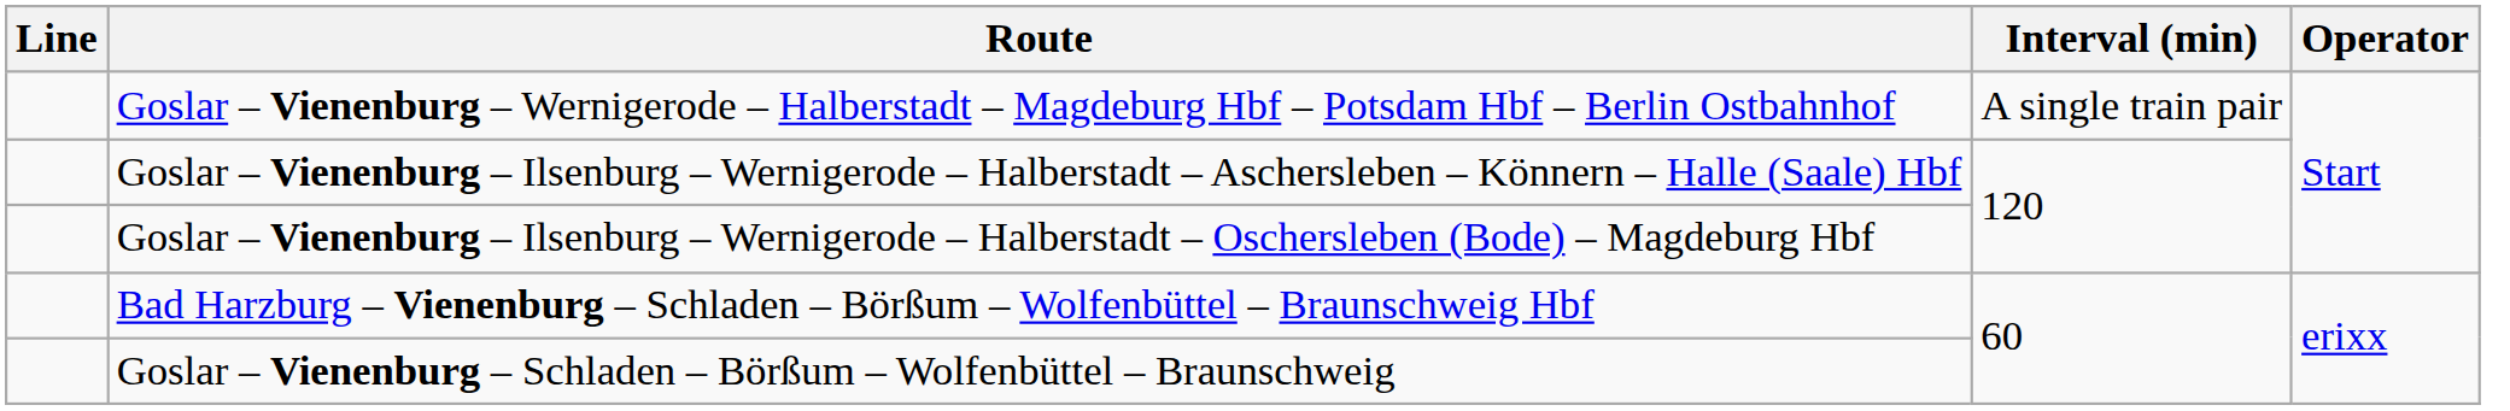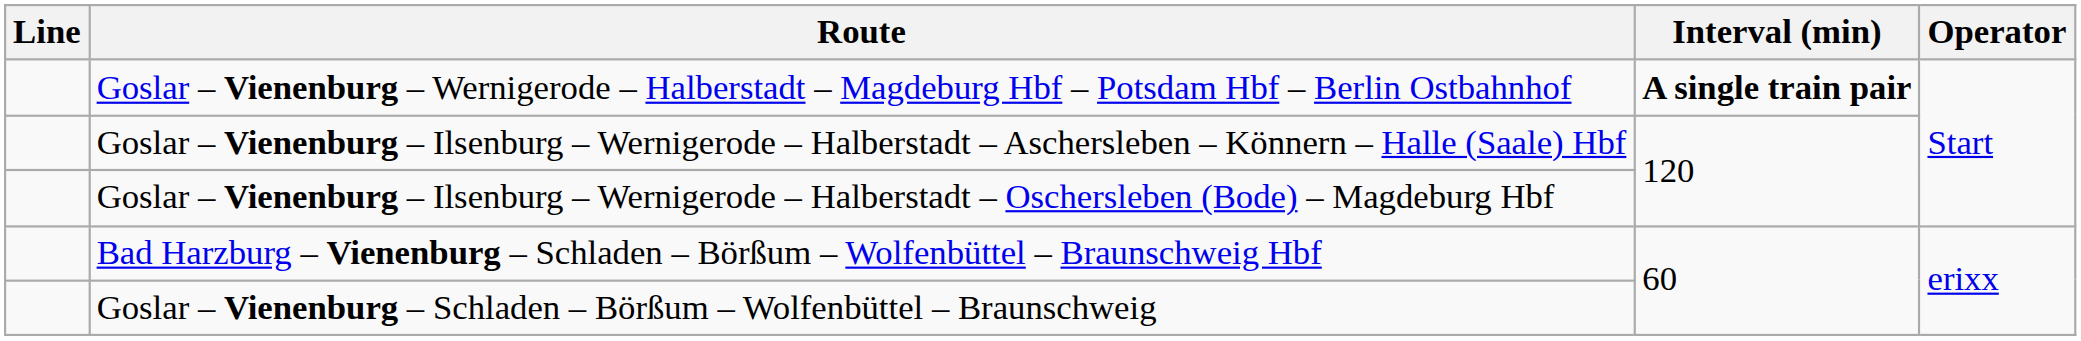 <table class="wikitable">
 <tr>
 <th>Line</th>
 <th>Route</th>
 <th>Interval (min)</th>
 <th>Operator</th>
 </tr>
 <tr>
 <td align="center"></td>
 <td><a href='#'>Goslar</a> – <strong>Vienenburg</strong> – Wernigerode – <a href='#'>Halberstadt</a> – <a href='#'>Magdeburg Hbf</a> – <a href='#'>Potsdam Hbf</a> – <a href='#'>Berlin Ostbahnhof</a></td>
-<td>A single train pair</td>
+<td><strong>A single train pair</strong></td>
 <td rowspan=3><a href='#'>Start</a></td>
 </tr>
 <tr>
 <td align="center"></td>
 <td>Goslar – <strong>Vienenburg</strong> – Ilsenburg – Wernigerode – Halberstadt – Aschersleben – Könnern – <a href='#'>Halle (Saale) Hbf</a></td>
 <td rowspan=2>120</td>
 </tr>
 <tr>
 <td align="center"></td>
 <td>Goslar – <strong>Vienenburg</strong> – Ilsenburg – Wernigerode – Halberstadt – <a href='#'>Oschersleben (Bode)</a> – Magdeburg Hbf</td>
 </tr>
 <tr>
 <td align="center"></td>
 <td><a href='#'>Bad Harzburg</a> – <strong>Vienenburg</strong> – Schladen – Börßum – <a href='#'>Wolfenbüttel</a> – <a href='#'>Braunschweig Hbf</a></td>
 <td rowspan=2>60</td>
 <td rowspan=2><a href='#'>erixx</a></td>
 </tr>
 <tr>
 <td align="center"></td>
 <td>Goslar – <strong>Vienenburg</strong> – Schladen – Börßum – Wolfenbüttel – Braunschweig</td>
 </tr>
 </table>
